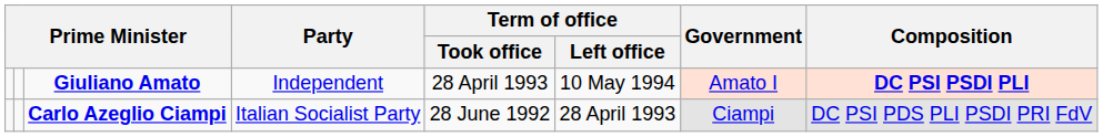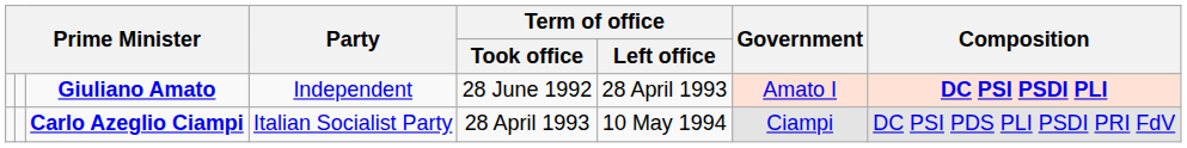 <table class="wikitable" style="text-align:center">
 <tr>
 <th colspan=3 rowspan=2>Prime Minister</th>
 <th rowspan=2>Party</th>
 <th colspan=2>Term of office</th>
 <th rowspan=2>Government</th>
 <th rowspan=2>Composition</th>
 </tr>
 <tr>
 <th>Took office</th>
 <th>Left office</th>
 </tr>
 <tr>
 <td style="background:"></td>
 <td></td>
 <td><strong><a href='#'>Giuliano Amato</a></strong><br></td>
 <td><a href='#'>Independent</a></td>
-<td>28 April 1993</td>
-<td>10 May 1994</td>
+<td class="nowrap">28 June 1992</td>
+<td class="nowrap">28 April 1993</td>
 <td bgcolor=#FFE2D5><a href='#'>Amato I</a></td>
 <td bgcolor=#FFE2D5><strong><a href='#'>DC</a>  <a href='#'>PSI</a>  <a href='#'>PSDI</a>  <a href='#'>PLI</a> <br></strong></td>
 </tr>
 <tr>
 <td style="background:"></td>
 <td></td>
 <td><strong><a href='#'>Carlo Azeglio Ciampi</a></strong><br></td>
 <td><a href='#'>Italian Socialist Party</a></td>
-<td class="nowrap">28 June 1992</td>
-<td class="nowrap">28 April 1993</td>
+<td>28 April 1993</td>
+<td>10 May 1994</td>
 <td bgcolor=#E4E4E4><a href='#'>Ciampi</a></td>
 <td bgcolor=#E4E4E4><a href='#'>DC</a>  <a href='#'>PSI</a>  <a href='#'>PDS</a>  <a href='#'>PLI</a>  <a href='#'>PSDI</a>  <a href='#'>PRI</a>  <a href='#'>FdV</a></td>
 </tr>
 </table>
